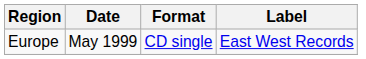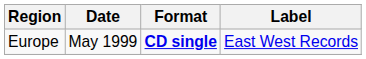 <table class=wikitable>
 <tr>
 <th>Region</th>
 <th>Date</th>
 <th>Format</th>
 <th>Label</th>
 </tr>
 <tr>
 <td>Europe</td>
 <td>May 1999</td>
-<td><a href='#'>CD single</a></td>
+<td><strong><a href='#'>CD single</a></strong></td>
 <td><a href='#'>East West Records</a></td>
 </tr>
 <tr>
 </tr>
 </table>
